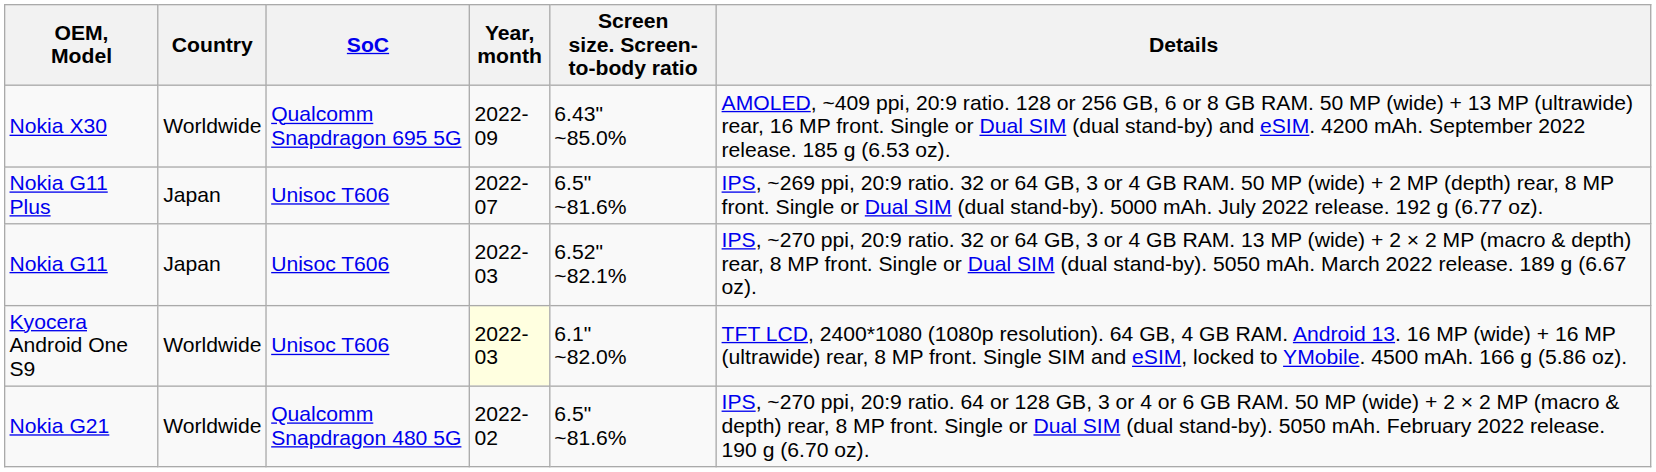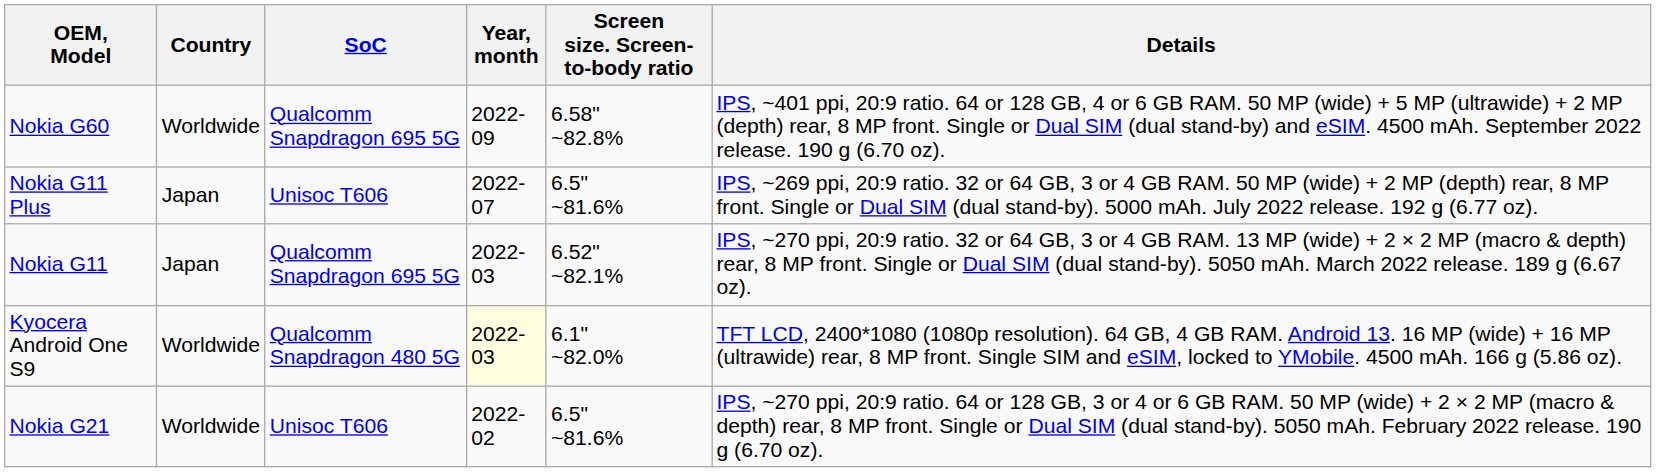 <table class="wikitable sortable">
 <tr>
 <th>OEM,<br>Model</th>
 <th>Country</th>
 <th><a href='#'>SoC</a></th>
 <th>Year,<br>month</th>
 <th>Screen<br>size. Screen- to-body ratio</th>
 <th>Details</th>
 </tr>
 <tr>
-<td><a href='#'>Nokia  X30</a></td>
+<td><a href='#'>Nokia  G60</a></td>
 <td>Worldwide</td>
 <td><a href='#'>Qualcomm Snapdragon 695 5G</a></td>
 <td>2022-09</td>
-<td>6.43"<br>~85.0%</td>
-<td><a href='#'>AMOLED</a>, ~409 ppi, 20:9 ratio. 128 or 256 GB, 6 or 8 GB RAM. 50 MP (wide) + 13 MP (ultrawide) rear, 16 MP front. Single or <a href='#'>Dual SIM</a> (dual stand-by) and <a href='#'>eSIM</a>. 4200 mAh. September 2022 release. 185 g (6.53 oz).</td>
+<td>6.58"<br>~82.8%</td>
+<td><a href='#'>IPS</a>, ~401 ppi, 20:9 ratio. 64 or 128 GB, 4 or 6 GB RAM. 50 MP (wide) + 5 MP (ultrawide) + 2 MP (depth) rear, 8 MP front. Single or <a href='#'>Dual SIM</a> (dual stand-by) and <a href='#'>eSIM</a>. 4500 mAh. September 2022 release. 190 g (6.70 oz).</td>
 </tr>
 <tr>
 <td><a href='#'>Nokia G11 Plus</a></td>
 <td>Japan</td>
 <td><a href='#'>Unisoc T606</a></td>
 <td>2022-07</td>
 <td>6.5"<br>~81.6%</td>
 <td><a href='#'>IPS</a>, ~269 ppi, 20:9 ratio. 32 or 64 GB, 3 or 4 GB RAM. 50 MP (wide) + 2 MP (depth) rear, 8 MP front. Single or <a href='#'>Dual SIM</a> (dual stand-by). 5000 mAh. July 2022 release. 192 g (6.77 oz).</td>
 </tr>
 <tr>
 <td><a href='#'>Nokia  G11</a></td>
 <td>Japan</td>
-<td><a href='#'>Unisoc T606</a></td>
+<td><a href='#'>Qualcomm Snapdragon 695 5G</a></td>
 <td>2022-03</td>
 <td>6.52"<br>~82.1%</td>
 <td><a href='#'>IPS</a>, ~270 ppi, 20:9 ratio. 32 or 64 GB, 3 or 4 GB RAM. 13 MP (wide) + 2 × 2 MP (macro & depth) rear, 8 MP front. Single or <a href='#'>Dual SIM</a> (dual stand-by). 5050 mAh. March 2022 release. 189 g (6.67 oz).</td>
 </tr>
 <tr>
 <td><a href='#'>Kyocera</a> Android One S9</td>
 <td>Worldwide</td>
-<td><a href='#'>Unisoc T606</a></td>
+<td><a href='#'>Qualcomm Snapdragon 480 5G</a></td>
 <td style="background: lightyellow;">2022-03</td>
 <td>6.1"<br>~82.0%</td>
 <td><a href='#'>TFT LCD</a>, 2400*1080 (1080p resolution). 64 GB, 4 GB RAM. <a href='#'>Android 13</a>. 16 MP (wide) + 16 MP (ultrawide) rear, 8 MP front. Single SIM and <a href='#'>eSIM</a>, locked to <a href='#'>YMobile</a>. 4500 mAh. 166 g (5.86 oz).</td>
 </tr>
 <tr>
 <td><a href='#'>Nokia  G21</a></td>
 <td>Worldwide</td>
-<td><a href='#'>Qualcomm Snapdragon 480 5G</a></td>
+<td><a href='#'>Unisoc T606</a></td>
 <td>2022-02</td>
 <td>6.5"<br>~81.6%</td>
 <td><a href='#'>IPS</a>, ~270 ppi, 20:9 ratio. 64 or 128 GB, 3 or 4 or 6 GB RAM. 50 MP (wide) + 2 × 2 MP (macro & depth) rear, 8 MP front. Single or <a href='#'>Dual SIM</a> (dual stand-by). 5050 mAh. February 2022 release. 190 g (6.70 oz).</td>
 </tr>
 </table>
